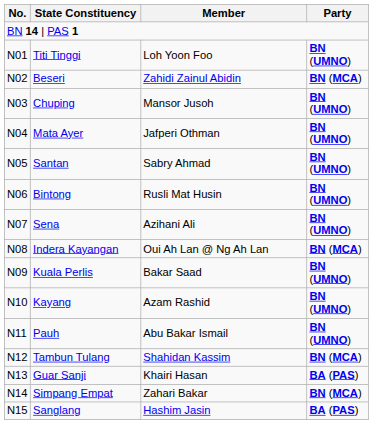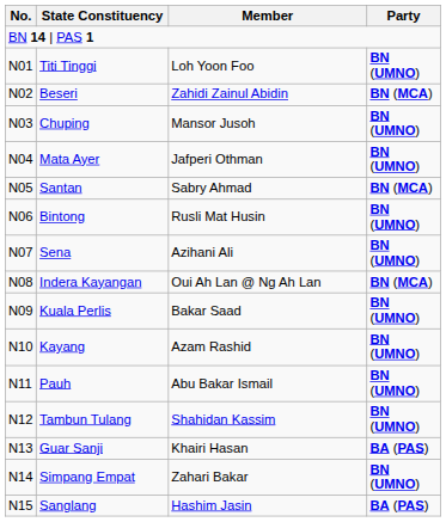 <table class="wikitable sortable">
 <tr>
 <th style="width:30px;">No.</th>
 <th style="width:150px;">State Constituency</th>
 <th style="width:230px;">Member</th>
 <th style="width:80px;">Party</th>
 </tr>
 <tr>
 <td colspan="4"><a href='#'>BN</a> <strong>14</strong> | <a href='#'>PAS</a> <strong>1</strong></td>
 </tr>
 <tr>
 <td>N01</td>
 <td><a href='#'>Titi Tinggi</a></td>
 <td>Loh Yoon Foo</td>
 <td><strong><a href='#'>BN</a></strong> (<strong><a href='#'>UMNO</a></strong>)</td>
 </tr>
 <tr>
 <td>N02</td>
 <td><a href='#'>Beseri</a></td>
 <td><a href='#'>Zahidi Zainul Abidin</a></td>
 <td><strong><a href='#'>BN</a></strong> (<strong><a href='#'>MCA</a></strong>)</td>
 </tr>
 <tr>
 <td>N03</td>
 <td><a href='#'>Chuping</a></td>
 <td>Mansor Jusoh</td>
 <td><strong><a href='#'>BN</a></strong> (<strong><a href='#'>UMNO</a></strong>)</td>
 </tr>
 <tr>
 <td>N04</td>
 <td><a href='#'>Mata Ayer</a></td>
 <td>Jafperi Othman</td>
 <td><strong><a href='#'>BN</a></strong> (<strong><a href='#'>UMNO</a></strong>)</td>
 </tr>
 <tr>
 <td>N05</td>
 <td><a href='#'>Santan</a></td>
 <td>Sabry Ahmad</td>
-<td><strong><a href='#'>BN</a></strong> (<strong><a href='#'>UMNO</a></strong>)</td>
+<td><strong><a href='#'>BN</a></strong> (<strong><a href='#'>MCA</a></strong>)</td>
 </tr>
 <tr>
 <td>N06</td>
 <td><a href='#'>Bintong</a></td>
 <td>Rusli Mat Husin</td>
 <td><strong><a href='#'>BN</a></strong> (<strong><a href='#'>UMNO</a></strong>)</td>
 </tr>
 <tr>
 <td>N07</td>
 <td><a href='#'>Sena</a></td>
 <td>Azihani Ali</td>
 <td><strong><a href='#'>BN</a></strong> (<strong><a href='#'>UMNO</a></strong>)</td>
 </tr>
 <tr>
 <td>N08</td>
 <td><a href='#'>Indera Kayangan</a></td>
 <td>Oui Ah Lan @ Ng Ah Lan</td>
 <td><strong><a href='#'>BN</a></strong> (<strong><a href='#'>MCA</a></strong>)</td>
 </tr>
 <tr>
 <td>N09</td>
 <td><a href='#'>Kuala Perlis</a></td>
 <td>Bakar Saad</td>
 <td><strong><a href='#'>BN</a></strong> (<strong><a href='#'>UMNO</a></strong>)</td>
 </tr>
 <tr>
 <td>N10</td>
 <td><a href='#'>Kayang</a></td>
 <td>Azam Rashid</td>
 <td><strong><a href='#'>BN</a></strong> (<strong><a href='#'>UMNO</a></strong>)</td>
 </tr>
 <tr>
 <td>N11</td>
 <td><a href='#'>Pauh</a></td>
 <td>Abu Bakar Ismail</td>
 <td><strong><a href='#'>BN</a></strong> (<strong><a href='#'>UMNO</a></strong>)</td>
 </tr>
 <tr>
 <td>N12</td>
 <td><a href='#'>Tambun Tulang</a></td>
 <td><a href='#'>Shahidan Kassim</a></td>
-<td><strong><a href='#'>BN</a></strong> (<strong><a href='#'>MCA</a></strong>)</td>
+<td><strong><a href='#'>BN</a></strong> (<strong><a href='#'>UMNO</a></strong>)</td>
 </tr>
 <tr>
 <td>N13</td>
 <td><a href='#'>Guar Sanji</a></td>
 <td>Khairi Hasan</td>
 <td><strong><a href='#'>BA</a></strong> (<strong><a href='#'>PAS</a></strong>)</td>
 </tr>
 <tr>
 <td>N14</td>
 <td><a href='#'>Simpang Empat</a></td>
 <td>Zahari Bakar</td>
-<td><strong><a href='#'>BN</a></strong> (<strong><a href='#'>MCA</a></strong>)</td>
+<td><strong><a href='#'>BN</a></strong> (<strong><a href='#'>UMNO</a></strong>)</td>
 </tr>
 <tr>
 <td>N15</td>
 <td><a href='#'>Sanglang</a></td>
 <td><a href='#'>Hashim Jasin</a></td>
 <td><strong><a href='#'>BA</a></strong> (<strong><a href='#'>PAS</a></strong>)</td>
 </tr>
 </table>
